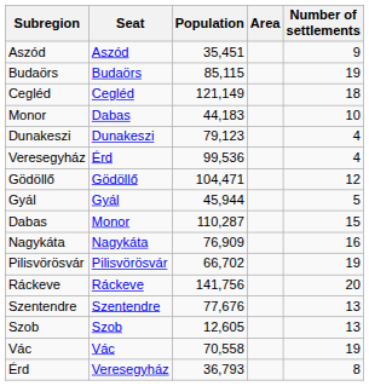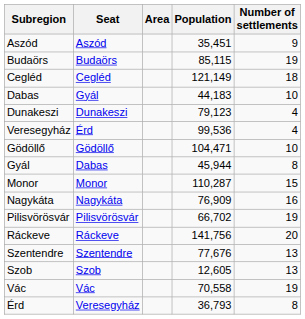 <table class="wikitable sortable" width=0%>
 <tr>
 <th>Subregion</th>
 <th>Seat</th>
+<th>Area</th>
 <th>Population</th>
-<th>Area</th>
 <th>Number of<br>settlements</th>
 </tr>
 <tr>
 <td>Aszód</td>
 <td><a href='#'>Aszód</a></td>
+<td align=right></td>
 <td align=right>35,451</td>
-<td align=right></td>
 <td align=right>9</td>
 </tr>
 <tr>
 <td>Budaörs</td>
 <td><a href='#'>Budaörs</a></td>
+<td align=right></td>
 <td align=right>85,115</td>
-<td align=right></td>
 <td align=right>19</td>
 </tr>
 <tr>
 <td>Cegléd</td>
 <td><a href='#'>Cegléd</a></td>
+<td align=right></td>
 <td align=right>121,149</td>
-<td align=right></td>
 <td align=right>18</td>
 </tr>
 <tr>
-<td>Monor</td>
-<td><a href='#'>Dabas</a></td>
+<td>Dabas</td>
+<td><a href='#'>Gyál</a></td>
+<td align=right></td>
 <td align=right>44,183</td>
-<td align=right></td>
 <td align=right>10</td>
 </tr>
 <tr>
 <td>Dunakeszi</td>
 <td><a href='#'>Dunakeszi</a></td>
+<td align=right></td>
 <td align=right>79,123</td>
-<td align=right></td>
 <td align=right>4</td>
 </tr>
 <tr>
 <td>Veresegyház</td>
 <td><a href='#'>Érd</a></td>
+<td align=right></td>
 <td align=right>99,536</td>
-<td align=right></td>
 <td align=right>4</td>
 </tr>
 <tr>
 <td>Gödöllő</td>
 <td><a href='#'>Gödöllő</a></td>
+<td align=right></td>
 <td align=right>104,471</td>
-<td align=right></td>
-<td align=right>12</td>
+<td align=right>10</td>
 </tr>
 <tr>
 <td>Gyál</td>
-<td><a href='#'>Gyál</a></td>
+<td><a href='#'>Dabas</a></td>
+<td align=right></td>
 <td align=right>45,944</td>
-<td align=right></td>
-<td align=right>5</td>
+<td align=right>8</td>
 </tr>
 <tr>
-<td>Dabas</td>
+<td>Monor</td>
 <td><a href='#'>Monor</a></td>
+<td align=right></td>
 <td align=right>110,287</td>
-<td align=right></td>
 <td align=right>15</td>
 </tr>
 <tr>
 <td>Nagykáta</td>
 <td><a href='#'>Nagykáta</a></td>
+<td align=right></td>
 <td align=right>76,909</td>
-<td align=right></td>
 <td align=right>16</td>
 </tr>
 <tr>
 <td>Pilisvörösvár</td>
 <td><a href='#'>Pilisvörösvár</a></td>
+<td align=right></td>
 <td align=right>66,702</td>
-<td align=right></td>
 <td align=right>19</td>
 </tr>
 <tr>
 <td>Ráckeve</td>
 <td><a href='#'>Ráckeve</a></td>
+<td align=right></td>
 <td align=right>141,756</td>
-<td align=right></td>
 <td align=right>20</td>
 </tr>
 <tr>
 <td>Szentendre</td>
 <td><a href='#'>Szentendre</a></td>
+<td align=right></td>
 <td align=right>77,676</td>
-<td align=right></td>
 <td align=right>13</td>
 </tr>
 <tr>
 <td>Szob</td>
 <td><a href='#'>Szob</a></td>
+<td align=right></td>
 <td align=right>12,605</td>
-<td align=right></td>
 <td align=right>13</td>
 </tr>
 <tr>
 <td>Vác</td>
 <td><a href='#'>Vác</a></td>
+<td align=right></td>
 <td align=right>70,558</td>
-<td align=right></td>
 <td align=right>19</td>
 </tr>
 <tr>
 <td>Érd</td>
 <td><a href='#'>Veresegyház</a></td>
+<td align=right></td>
 <td align=right>36,793</td>
-<td align=right></td>
 <td align=right>8</td>
 </tr>
 </table>
